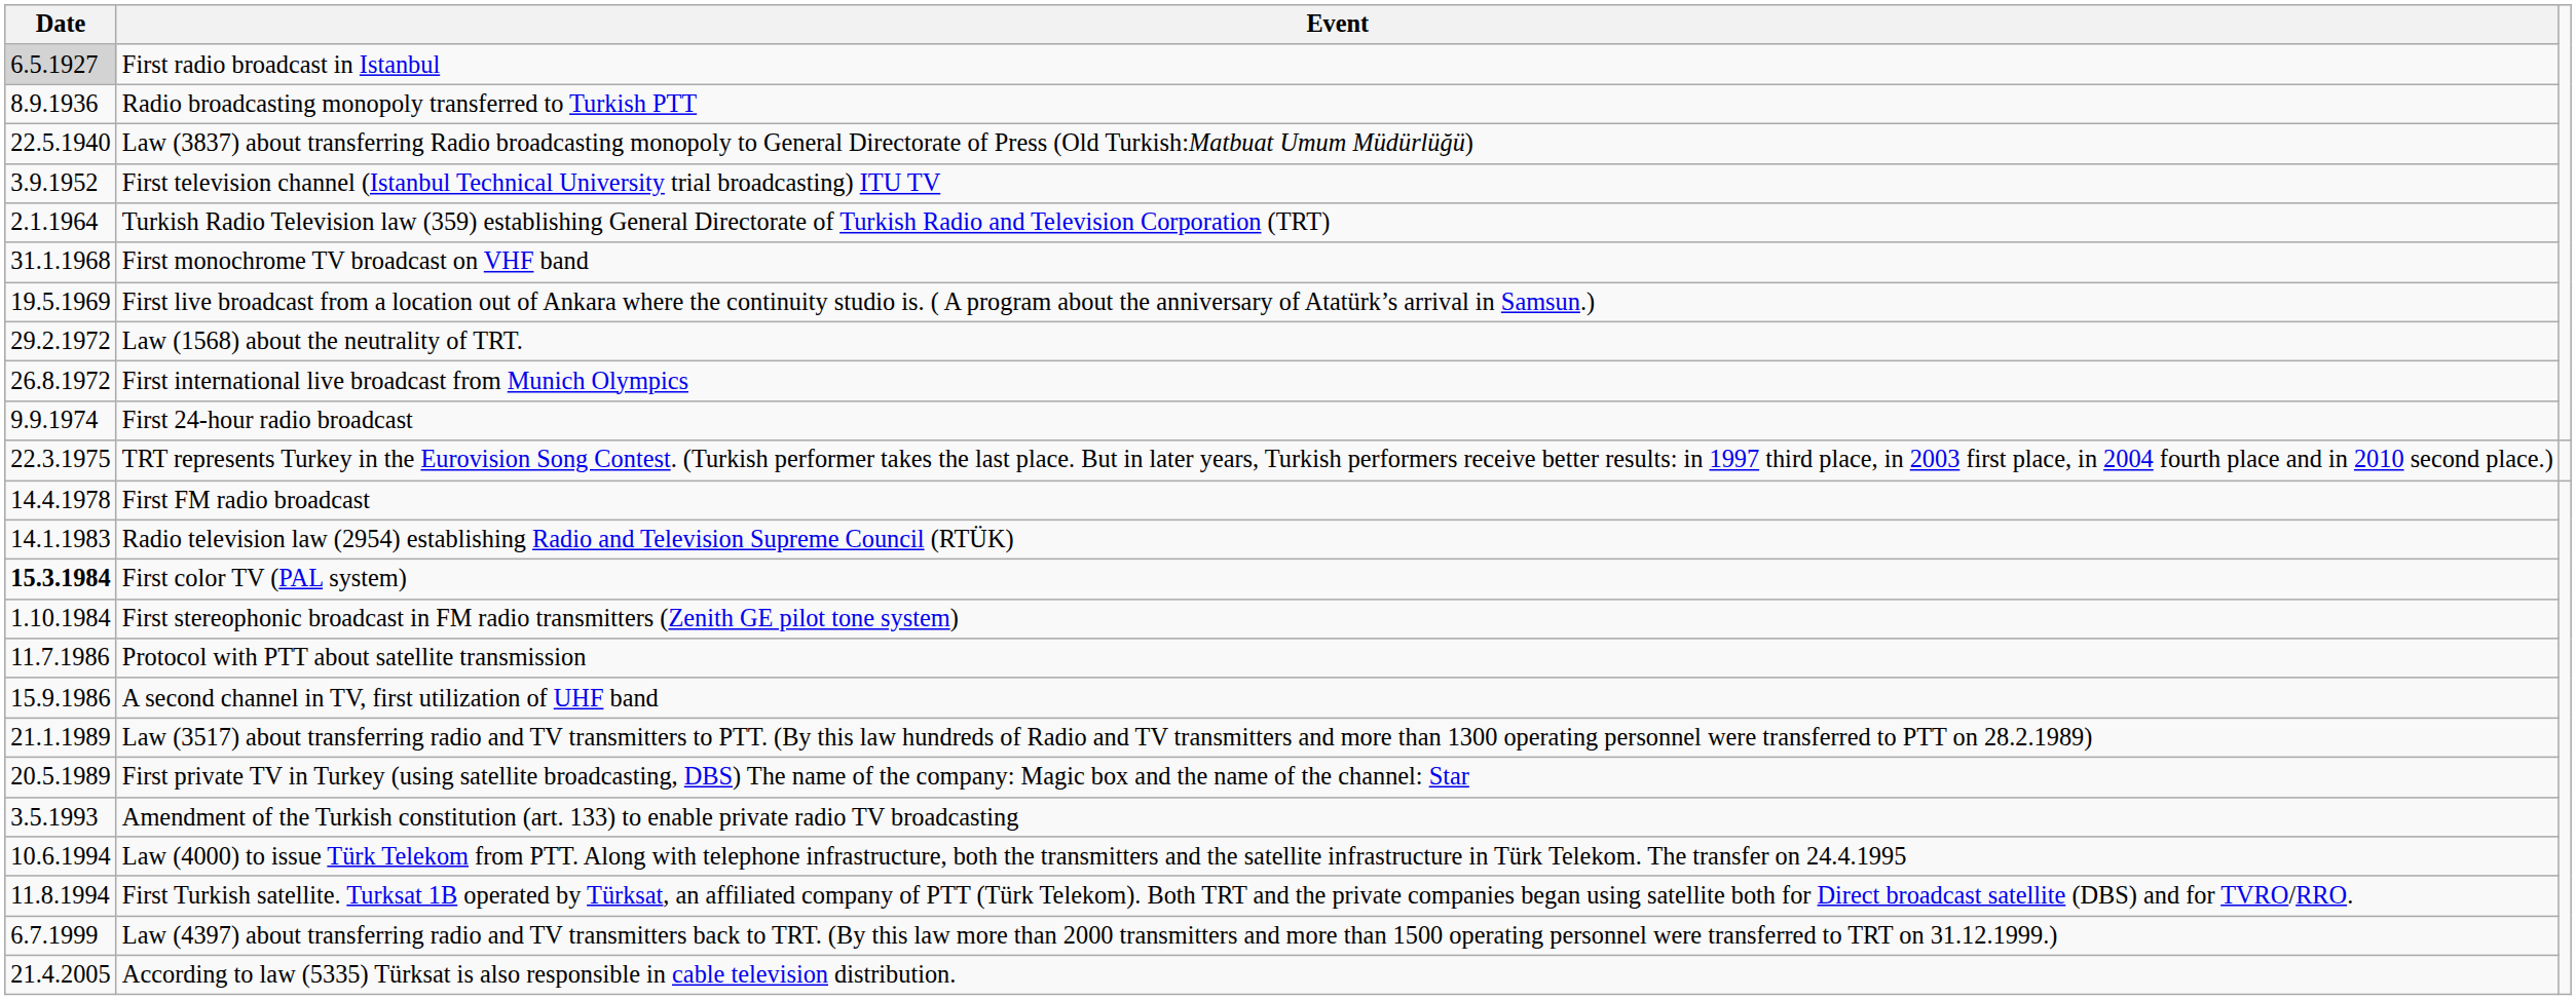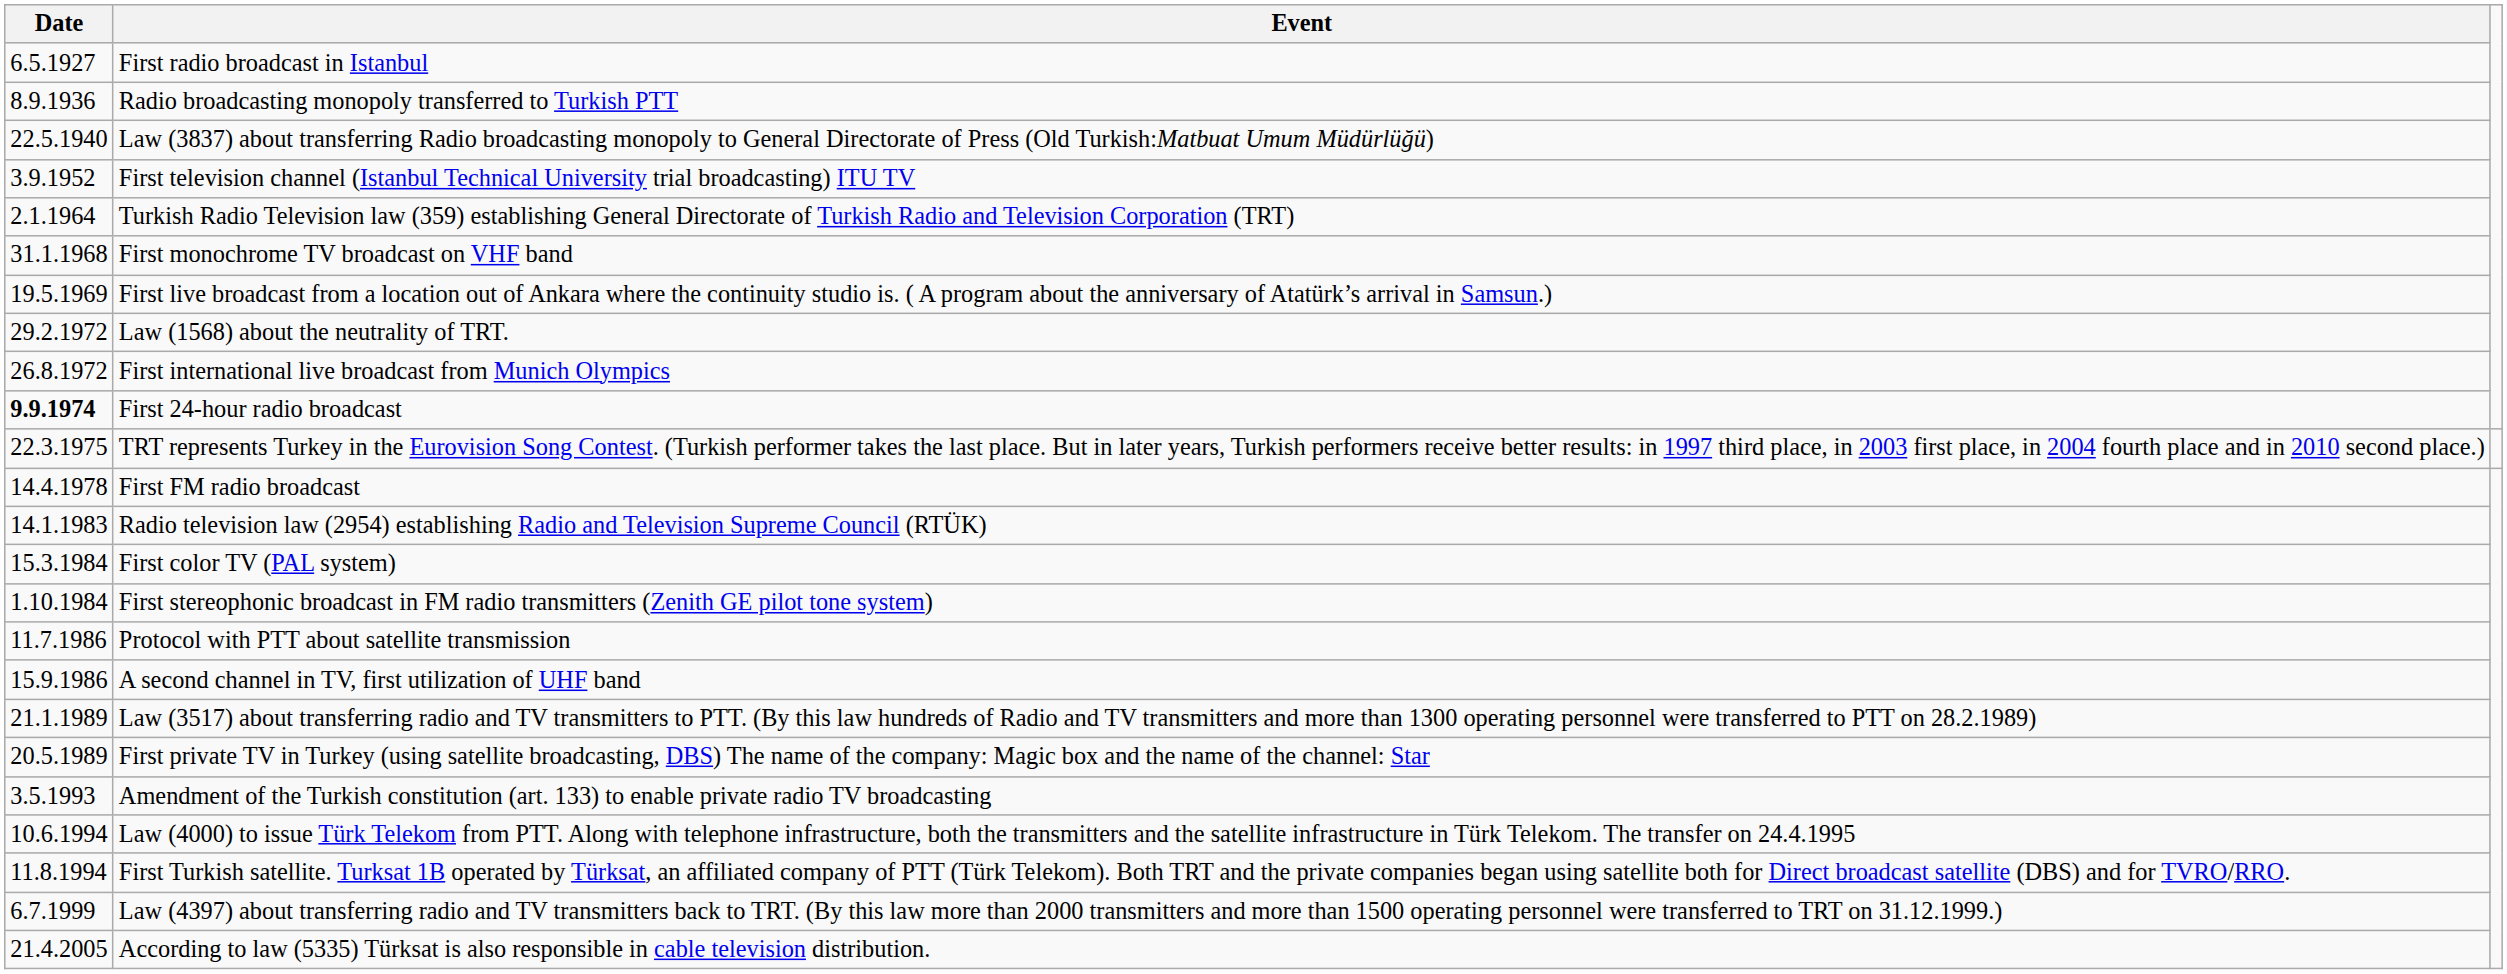 <table class="wikitable sortable">
 <tr>
 <th>Date</th>
 <th>Event</th>
 </tr>
 <tr>
-<td style="background: lightgrey;">6.5.1927</td>
+<td>6.5.1927</td>
 <td>First radio broadcast in <a href='#'>Istanbul</a></td>
 </tr>
 <tr>
 <td>8.9.1936</td>
 <td>Radio broadcasting monopoly transferred to <a href='#'>Turkish PTT</a></td>
 </tr>
 <tr>
 <td>22.5.1940</td>
 <td>Law (3837) about transferring Radio broadcasting monopoly to General Directorate of Press (Old Turkish:<em>Matbuat Umum Müdürlüğü</em>)</td>
 </tr>
 <tr>
 <td>3.9.1952</td>
 <td>First television channel (<a href='#'>Istanbul Technical University</a> trial broadcasting) <a href='#'>ITU TV</a></td>
 </tr>
 <tr>
 <td>2.1.1964</td>
 <td>Turkish Radio Television law (359) establishing General Directorate of <a href='#'>Turkish Radio and Television Corporation</a> (TRT)</td>
 </tr>
 <tr>
 <td>31.1.1968</td>
 <td>First monochrome TV broadcast on <a href='#'>VHF</a> band</td>
 </tr>
 <tr>
 <td>19.5.1969</td>
 <td>First live broadcast from a location out of Ankara where the continuity studio is. ( A program about the anniversary of Atatürk’s arrival in <a href='#'>Samsun</a>.)</td>
 </tr>
 <tr>
 <td>29.2.1972</td>
 <td>Law (1568) about the neutrality of TRT.</td>
 </tr>
 <tr>
 <td>26.8.1972</td>
 <td>First international live broadcast from <a href='#'>Munich Olympics</a></td>
 </tr>
 <tr>
-<td>9.9.1974</td>
+<td><strong>9.9.1974</strong></td>
 <td>First 24-hour radio broadcast</td>
 </tr>
 <tr>
 <td>22.3.1975</td>
 <td>TRT represents Turkey in the <a href='#'>Eurovision Song Contest</a>. (Turkish performer takes the last place. But in later years, Turkish performers receive better results: in <a href='#'>1997</a> third place, in <a href='#'>2003</a> first place, in <a href='#'>2004</a> fourth place and in <a href='#'>2010</a> second place.)</td>
 <td></td>
 </tr>
 <tr>
 <td>14.4.1978</td>
 <td>First FM radio broadcast</td>
 </tr>
 <tr>
 <td>14.1.1983</td>
 <td>Radio television law (2954) establishing <a href='#'>Radio and Television Supreme Council</a> (RTÜK)</td>
 </tr>
 <tr>
-<td><strong>15.3.1984</strong></td>
+<td>15.3.1984</td>
 <td>First color TV (<a href='#'>PAL</a> system)</td>
 </tr>
 <tr>
 <td>1.10.1984</td>
 <td>First stereophonic broadcast in FM radio transmitters (<a href='#'>Zenith GE pilot tone system</a>)</td>
 </tr>
 <tr>
 <td>11.7.1986</td>
 <td>Protocol with PTT about satellite transmission</td>
 </tr>
 <tr>
 <td>15.9.1986</td>
 <td>A second channel in TV, first utilization of <a href='#'>UHF</a> band</td>
 </tr>
 <tr>
 <td>21.1.1989</td>
 <td>Law (3517) about transferring radio and TV transmitters to PTT. (By this law hundreds of Radio and TV transmitters and more than 1300 operating personnel were transferred to PTT on 28.2.1989)</td>
 </tr>
 <tr>
 <td>20.5.1989</td>
 <td>First private TV in Turkey (using satellite broadcasting, <a href='#'>DBS</a>) The name of the company: Magic box and the name of the channel: <a href='#'>Star</a></td>
 </tr>
 <tr>
 <td>3.5.1993</td>
 <td>Amendment of the Turkish constitution (art. 133) to enable private radio TV broadcasting</td>
 </tr>
 <tr>
 <td>10.6.1994</td>
 <td>Law (4000) to issue <a href='#'>Türk Telekom</a> from PTT. Along with telephone infrastructure, both the transmitters and the satellite infrastructure in Türk Telekom. The transfer on 24.4.1995</td>
 </tr>
 <tr>
 <td>11.8.1994</td>
 <td>First Turkish satellite. <a href='#'>Turksat 1B</a> operated by <a href='#'>Türksat</a>, an affiliated company of PTT (Türk Telekom). Both TRT and the private companies began using satellite both for <a href='#'>Direct broadcast satellite</a> (DBS) and for <a href='#'>TVRO</a>/<a href='#'>RRO</a>.</td>
 </tr>
 <tr>
 <td>6.7.1999</td>
 <td>Law (4397) about transferring radio and TV transmitters back to TRT. (By this law more than 2000 transmitters and more than 1500 operating personnel were transferred to TRT on 31.12.1999.)</td>
 </tr>
 <tr>
 <td>21.4.2005</td>
 <td>According to law (5335) Türksat is also responsible in <a href='#'>cable television</a> distribution.</td>
 </tr>
 </table>
